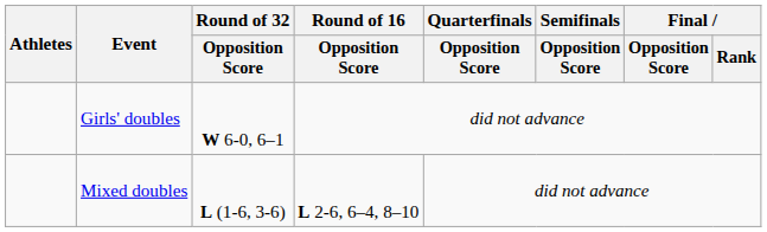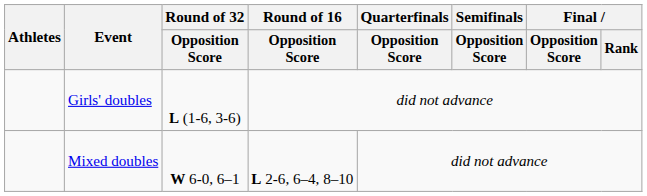 <table class=wikitable style="font-size:90%">
 <tr>
 <th rowspan=2>Athletes</th>
 <th rowspan=2>Event</th>
 <th>Round of 32</th>
 <th>Round of 16</th>
 <th>Quarterfinals</th>
 <th>Semifinals</th>
 <th colspan=2>Final / </th>
 </tr>
 <tr style="font-size:95%">
 <th>Opposition<br>Score</th>
 <th>Opposition<br>Score</th>
 <th>Opposition<br>Score</th>
 <th>Opposition<br>Score</th>
 <th>Opposition<br>Score</th>
 <th>Rank</th>
 </tr>
 <tr align=center>
 <td align=left><br></td>
 <td align=left><a href='#'>Girls' doubles</a></td>
-<td><br><br><strong>W</strong> 6-0, 6–1</td>
+<td><br><br> <strong>L</strong> (1-6, 3-6)</td>
 <td colspan=5><em>did not advance</em></td>
 </tr>
 <tr align=center>
 <td align=left><br></td>
 <td align=left><a href='#'>Mixed doubles</a></td>
-<td><br><br> <strong>L</strong> (1-6, 3-6)</td>
+<td><br><br><strong>W</strong> 6-0, 6–1</td>
 <td><br><br><strong>L</strong> 2-6, 6–4, 8–10</td>
 <td Colspan=4><em>did not advance</em></td>
 </tr>
 </table>
